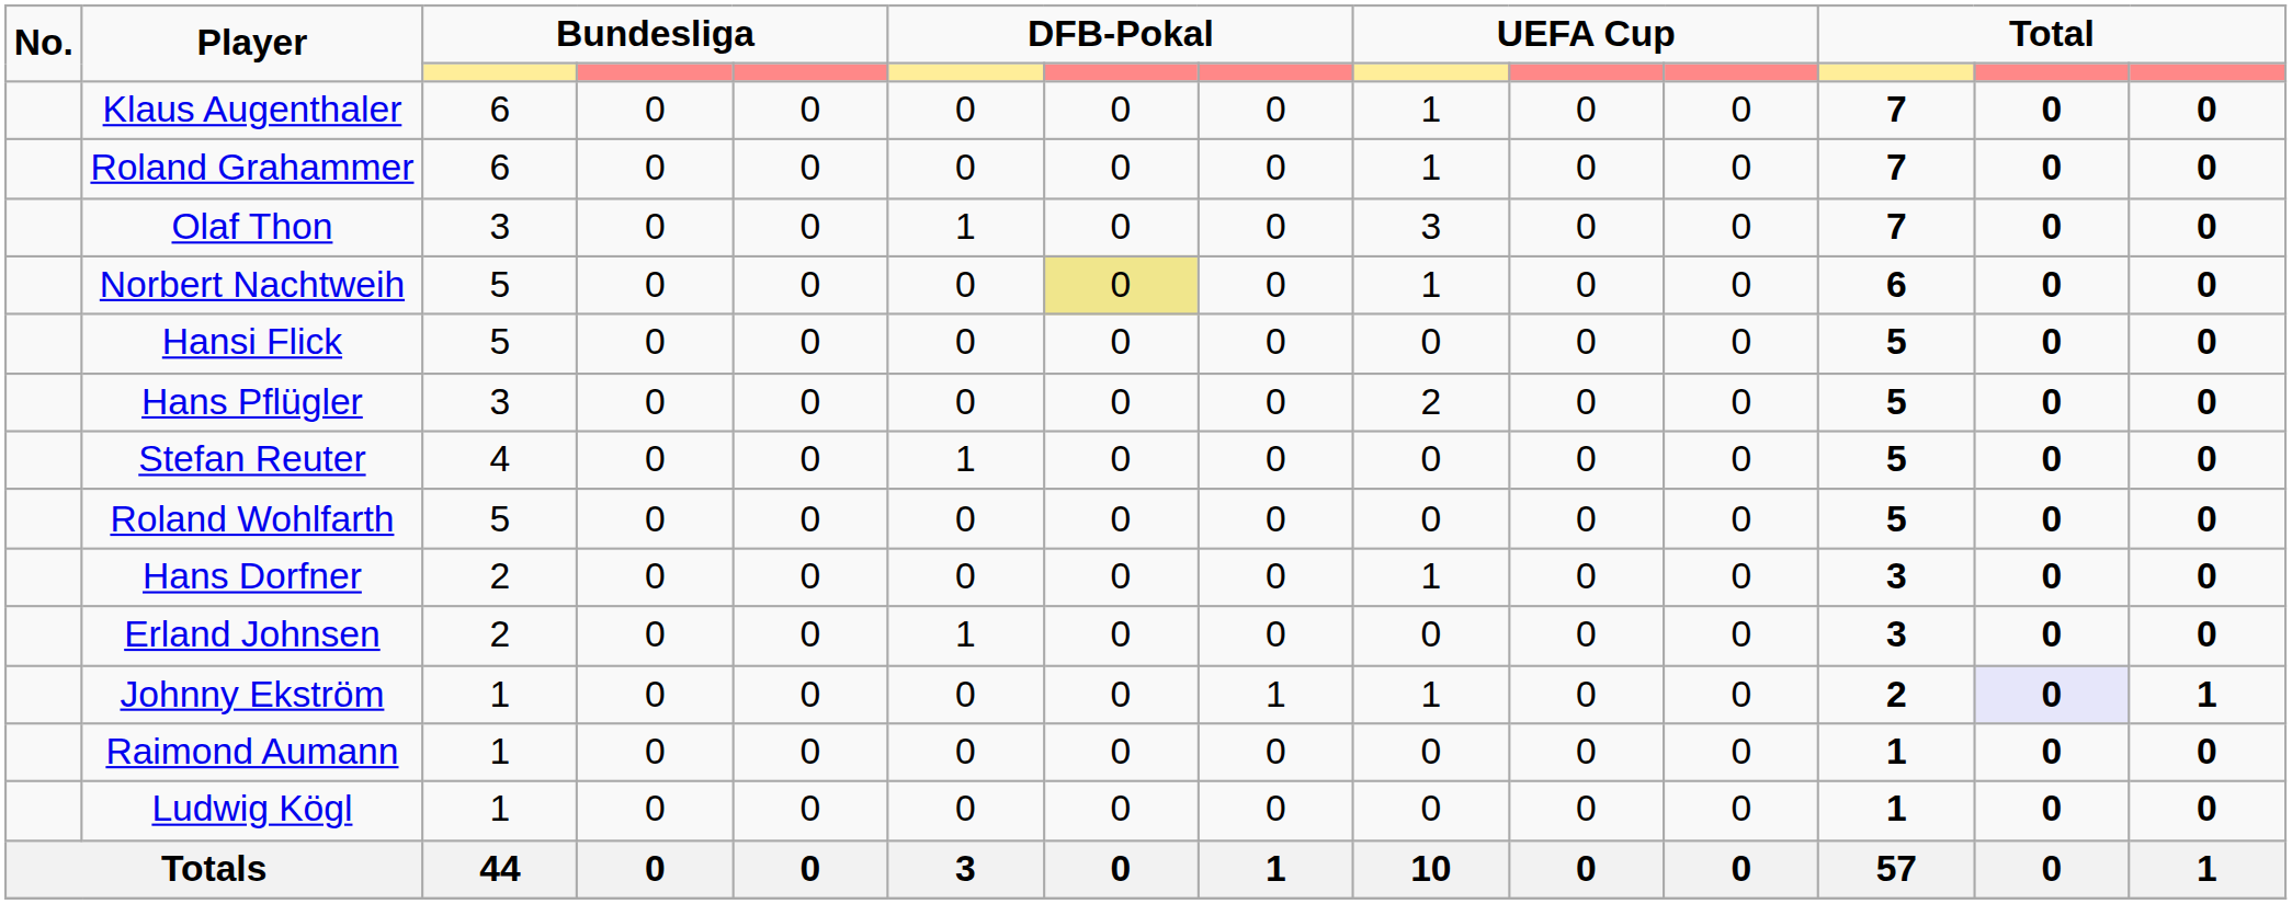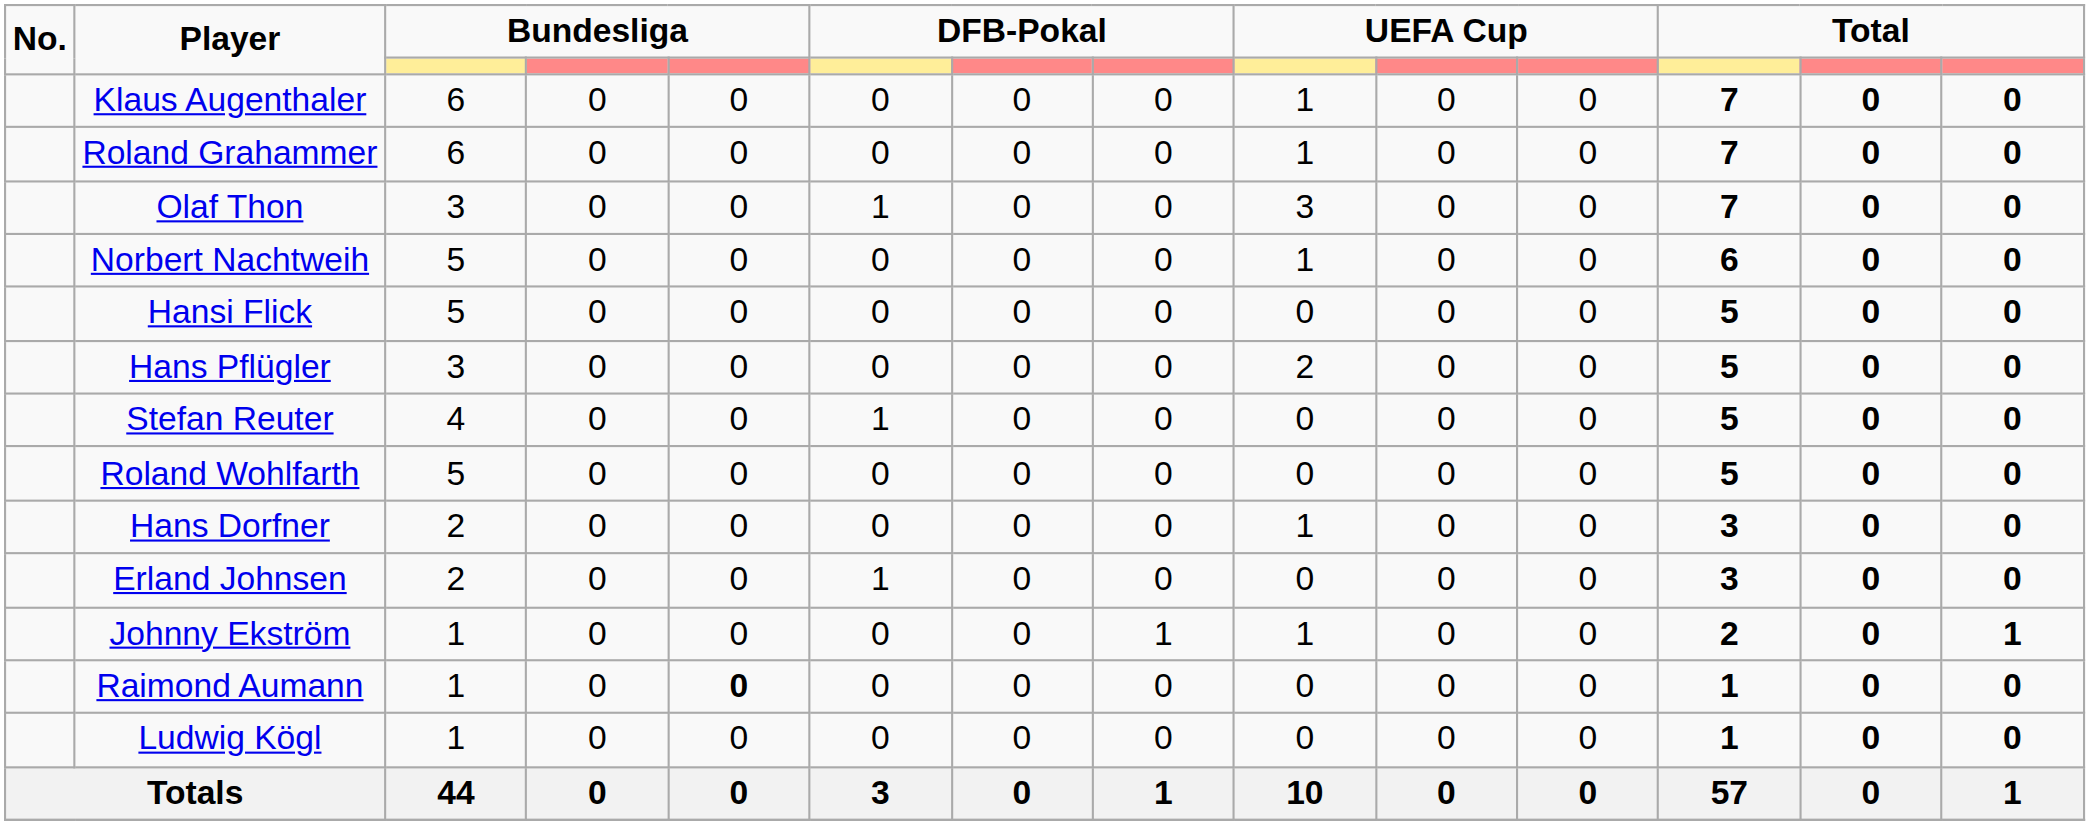 <table class="wikitable" style="text-align:center;">
 <tr style="text-align:center;">
 <td rowspan="2"><strong>No.</strong></td>
 <td rowspan="2"><strong>Player</strong></td>
 <td colspan="3"><strong>Bundesliga</strong></td>
 <td colspan="3"><strong>DFB-Pokal</strong></td>
 <td colspan="3"><strong>UEFA Cup</strong></td>
 <td colspan="3"><strong>Total</strong></td>
 </tr>
 <tr>
 <th style="width:60px; background:#fe9;"></th>
 <th style="width:60px; background:#ff8888;"></th>
 <th style="width:60px; background:#ff8888;"></th>
 <th style="width:60px; background:#fe9;"></th>
 <th style="width:60px; background:#ff8888;"></th>
 <th style="width:60px; background:#ff8888;"></th>
 <th style="width:60px; background:#fe9;"></th>
 <th style="width:60px; background:#ff8888;"></th>
 <th style="width:60px; background:#ff8888;"></th>
 <th style="width:60px; background:#fe9;"></th>
 <th style="width:60px; background:#ff8888;"></th>
 <th style="width:60px; background:#ff8888;"></th>
 </tr>
 <tr>
 <td></td>
 <td><a href='#'>Klaus Augenthaler</a></td>
 <td>6</td>
 <td>0</td>
 <td>0</td>
 <td>0</td>
 <td>0</td>
 <td>0</td>
 <td>1</td>
 <td>0</td>
 <td>0</td>
 <td><strong>7</strong></td>
 <td><strong>0</strong></td>
 <td><strong>0</strong></td>
 </tr>
 <tr>
 <td></td>
 <td><a href='#'>Roland Grahammer</a></td>
 <td>6</td>
 <td>0</td>
 <td>0</td>
 <td>0</td>
 <td>0</td>
 <td>0</td>
 <td>1</td>
 <td>0</td>
 <td>0</td>
 <td><strong>7</strong></td>
 <td><strong>0</strong></td>
 <td><strong>0</strong></td>
 </tr>
 <tr>
 <td></td>
 <td><a href='#'>Olaf Thon</a></td>
 <td>3</td>
 <td>0</td>
 <td>0</td>
 <td>1</td>
 <td>0</td>
 <td>0</td>
 <td>3</td>
 <td>0</td>
 <td>0</td>
 <td><strong>7</strong></td>
 <td><strong>0</strong></td>
 <td><strong>0</strong></td>
 </tr>
 <tr>
 <td></td>
 <td><a href='#'>Norbert Nachtweih</a></td>
 <td>5</td>
 <td>0</td>
 <td>0</td>
 <td>0</td>
-<td style="background: khaki;">0</td>
+<td>0</td>
 <td>0</td>
 <td>1</td>
 <td>0</td>
 <td>0</td>
 <td><strong>6</strong></td>
 <td><strong>0</strong></td>
 <td><strong>0</strong></td>
 </tr>
 <tr>
 <td></td>
 <td><a href='#'>Hansi Flick</a></td>
 <td>5</td>
 <td>0</td>
 <td>0</td>
 <td>0</td>
 <td>0</td>
 <td>0</td>
 <td>0</td>
 <td>0</td>
 <td>0</td>
 <td><strong>5</strong></td>
 <td><strong>0</strong></td>
 <td><strong>0</strong></td>
 </tr>
 <tr>
 <td></td>
 <td><a href='#'>Hans Pflügler</a></td>
 <td>3</td>
 <td>0</td>
 <td>0</td>
 <td>0</td>
 <td>0</td>
 <td>0</td>
 <td>2</td>
 <td>0</td>
 <td>0</td>
 <td><strong>5</strong></td>
 <td><strong>0</strong></td>
 <td><strong>0</strong></td>
 </tr>
 <tr>
 <td></td>
 <td><a href='#'>Stefan Reuter</a></td>
 <td>4</td>
 <td>0</td>
 <td>0</td>
 <td>1</td>
 <td>0</td>
 <td>0</td>
 <td>0</td>
 <td>0</td>
 <td>0</td>
 <td><strong>5</strong></td>
 <td><strong>0</strong></td>
 <td><strong>0</strong></td>
 </tr>
 <tr>
 <td></td>
 <td><a href='#'>Roland Wohlfarth</a></td>
 <td>5</td>
 <td>0</td>
 <td>0</td>
 <td>0</td>
 <td>0</td>
 <td>0</td>
 <td>0</td>
 <td>0</td>
 <td>0</td>
 <td><strong>5</strong></td>
 <td><strong>0</strong></td>
 <td><strong>0</strong></td>
 </tr>
 <tr>
 <td></td>
 <td><a href='#'>Hans Dorfner</a></td>
 <td>2</td>
 <td>0</td>
 <td>0</td>
 <td>0</td>
 <td>0</td>
 <td>0</td>
 <td>1</td>
 <td>0</td>
 <td>0</td>
 <td><strong>3</strong></td>
 <td><strong>0</strong></td>
 <td><strong>0</strong></td>
 </tr>
 <tr>
 <td></td>
 <td><a href='#'>Erland Johnsen</a></td>
 <td>2</td>
 <td>0</td>
 <td>0</td>
 <td>1</td>
 <td>0</td>
 <td>0</td>
 <td>0</td>
 <td>0</td>
 <td>0</td>
 <td><strong>3</strong></td>
 <td><strong>0</strong></td>
 <td><strong>0</strong></td>
 </tr>
 <tr>
 <td></td>
 <td><a href='#'>Johnny Ekström</a></td>
 <td>1</td>
 <td>0</td>
 <td>0</td>
 <td>0</td>
 <td>0</td>
 <td>1</td>
 <td>1</td>
 <td>0</td>
 <td>0</td>
 <td><strong>2</strong></td>
-<td style="background: lavender;"><strong>0</strong></td>
+<td><strong>0</strong></td>
 <td><strong>1</strong></td>
 </tr>
 <tr>
 <td></td>
 <td><a href='#'>Raimond Aumann</a></td>
 <td>1</td>
 <td>0</td>
-<td>0</td>
+<td><strong>0</strong></td>
 <td>0</td>
 <td>0</td>
 <td>0</td>
 <td>0</td>
 <td>0</td>
 <td>0</td>
 <td><strong>1</strong></td>
 <td><strong>0</strong></td>
 <td><strong>0</strong></td>
 </tr>
 <tr>
 <td></td>
 <td><a href='#'>Ludwig Kögl</a></td>
 <td>1</td>
 <td>0</td>
 <td>0</td>
 <td>0</td>
 <td>0</td>
 <td>0</td>
 <td>0</td>
 <td>0</td>
 <td>0</td>
 <td><strong>1</strong></td>
 <td><strong>0</strong></td>
 <td><strong>0</strong></td>
 </tr>
 <tr>
 <th colspan="2">Totals</th>
 <th>44</th>
 <th>0</th>
 <th>0</th>
 <th>3</th>
 <th>0</th>
 <th>1</th>
 <th>10</th>
 <th>0</th>
 <th>0</th>
 <th>57</th>
 <th>0</th>
 <th>1</th>
 </tr>
 <tr>
 </tr>
 </table>
